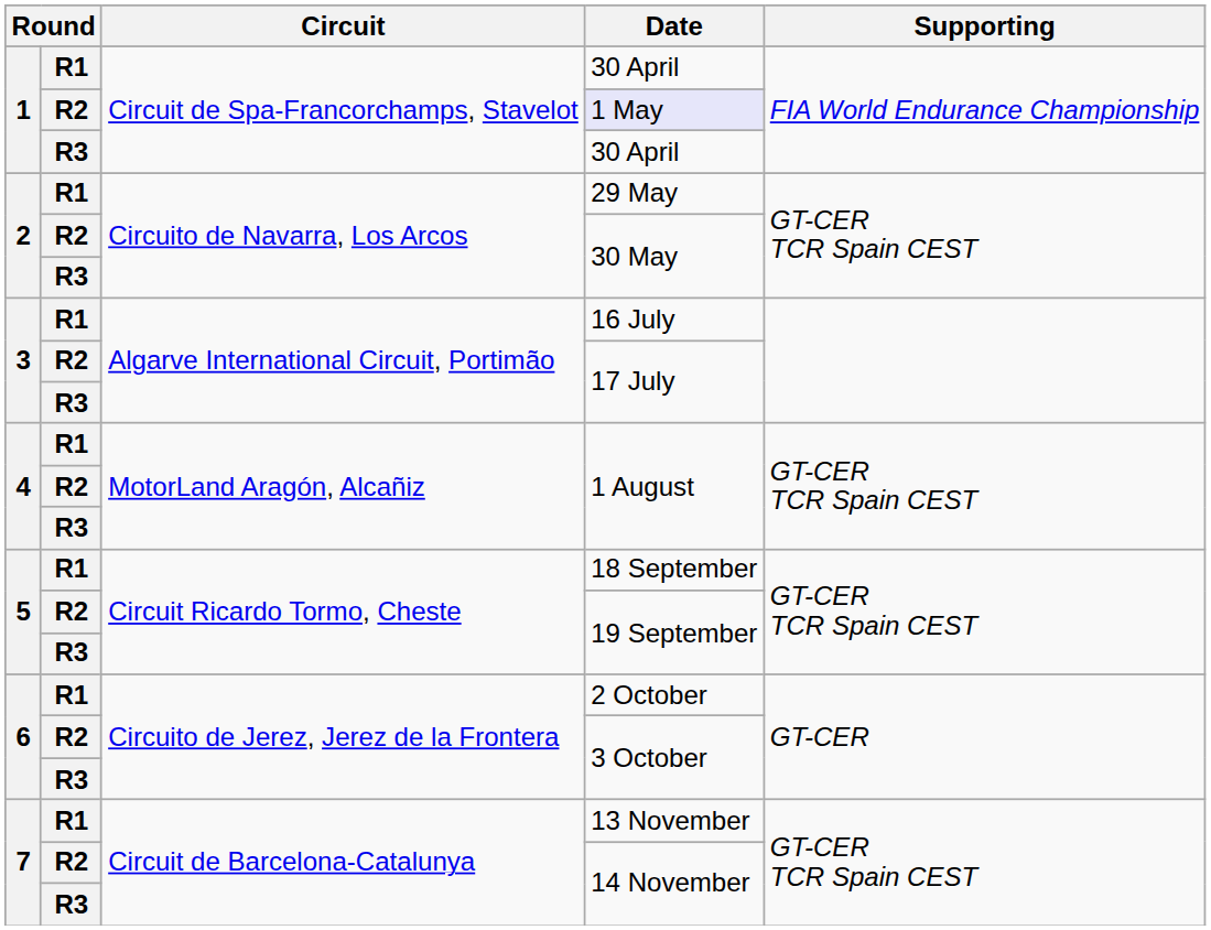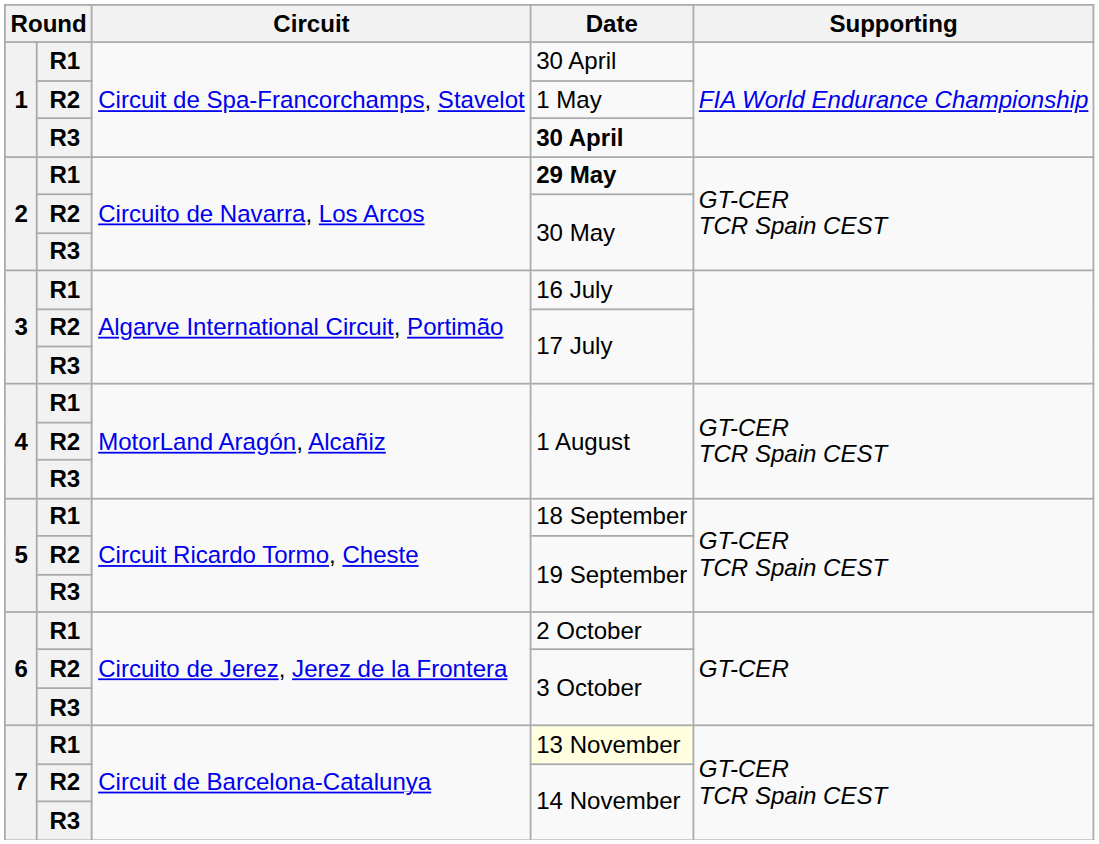 <table class="wikitable" style="font-size: 85%">
 <tr>
 <th colspan=2>Round</th>
 <th>Circuit</th>
 <th>Date</th>
 <th>Supporting</th>
 </tr>
 <tr>
 <th rowspan=3>1</th>
 <th>R1</th>
 <td rowspan=3 nowrap> <a href='#'>Circuit de Spa-Francorchamps</a>, <a href='#'>Stavelot</a></td>
 <td>30 April</td>
 <td rowspan=3 nowrap><em><a href='#'>FIA World Endurance Championship</a></em></td>
 </tr>
 <tr>
 <th>R2</th>
-<td style="background: lavender;">1 May</td>
+<td>1 May</td>
 </tr>
 <tr>
 <th>R3</th>
-<td>30 April</td>
+<td><strong>30 April</strong></td>
 </tr>
 <tr>
 <th rowspan=3>2</th>
 <th>R1</th>
 <td rowspan=3> <a href='#'>Circuito de Navarra</a>, <a href='#'>Los Arcos</a></td>
-<td>29 May</td>
+<td><strong>29 May</strong></td>
 <td rowspan=3><em>GT-CER</em><br><em>TCR Spain CEST</em></td>
 </tr>
 <tr>
 <th>R2</th>
 <td rowspan=2>30 May</td>
 </tr>
 <tr>
 <th>R3</th>
 </tr>
 <tr>
 <th rowspan=3>3</th>
 <th>R1</th>
 <td rowspan=3> <a href='#'>Algarve International Circuit</a>, <a href='#'>Portimão</a></td>
 <td>16 July</td>
 <td rowspan=3></td>
 </tr>
 <tr>
 <th>R2</th>
 <td rowspan=2>17 July</td>
 </tr>
 <tr>
 <th>R3</th>
 </tr>
 <tr>
 <th rowspan=3>4</th>
 <th>R1</th>
 <td rowspan=3> <a href='#'>MotorLand Aragón</a>, <a href='#'>Alcañiz</a></td>
 <td rowspan=3>1 August</td>
 <td rowspan=3><em>GT-CER</em><br><em>TCR Spain CEST</em></td>
 </tr>
 <tr>
 <th>R2</th>
 </tr>
 <tr>
 <th>R3</th>
 </tr>
 <tr>
 <th rowspan=3>5</th>
 <th>R1</th>
 <td rowspan=3> <a href='#'>Circuit Ricardo Tormo</a>, <a href='#'>Cheste</a></td>
 <td nowrap>18 September</td>
 <td rowspan=3><em>GT-CER</em><br><em>TCR Spain CEST</em></td>
 </tr>
 <tr>
 <th>R2</th>
 <td rowspan=2 nowrap>19 September</td>
 </tr>
 <tr>
 <th>R3</th>
 </tr>
 <tr>
 <th rowspan=3>6</th>
 <th>R1</th>
 <td rowspan=3> <a href='#'>Circuito de Jerez</a>, <a href='#'>Jerez de la Frontera</a></td>
 <td>2 October</td>
 <td rowspan=3><em>GT-CER</em></td>
 </tr>
 <tr>
 <th>R2</th>
 <td rowspan=2>3 October</td>
 </tr>
 <tr>
 <th>R3</th>
 </tr>
 <tr>
 <th rowspan=3>7</th>
 <th>R1</th>
 <td rowspan=3> <a href='#'>Circuit de Barcelona-Catalunya</a></td>
-<td>13 November</td>
+<td style="background: lightyellow;">13 November</td>
 <td rowspan=3><em>GT-CER</em><br><em>TCR Spain CEST</em></td>
 </tr>
 <tr>
 <th>R2</th>
 <td rowspan=2>14 November</td>
 </tr>
 <tr>
 <th>R3</th>
 </tr>
 </table>
